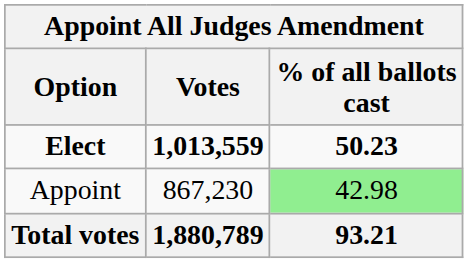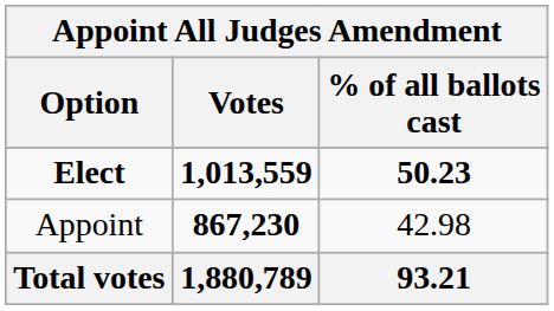 <table class="wikitable">
 <tr>
 <th colspan=4 text align=center>Appoint All Judges Amendment</th>
 </tr>
 <tr>
 <th>Option</th>
 <th>Votes</th>
 <th>% of all ballots<br>cast</th>
 </tr>
 <tr>
 <td text align=center><strong>Elect</strong></td>
 <td text align=center><strong>1,013,559</strong></td>
 <td text align=center><strong>50.23</strong></td>
 </tr>
 <tr>
 <td text align=center>Appoint</td>
-<td text align=center>867,230</td>
-<td text align=center style="background: lightgreen;">42.98</td>
+<td text align=center><strong>867,230</strong></td>
+<td text align=center>42.98</td>
 </tr>
 <tr>
 <th text align=center>Total votes</th>
 <th text align=center><strong>1,880,789</strong></th>
 <th text align=center><strong>93.21</strong></th>
 </tr>
 </table>
